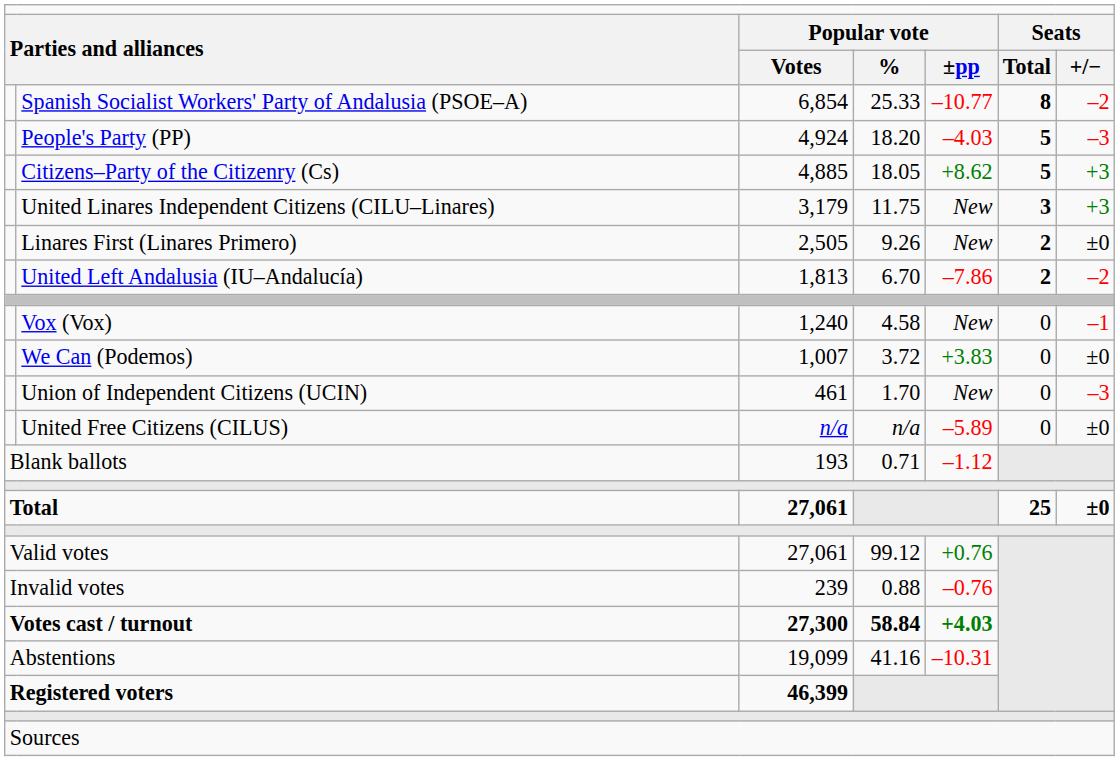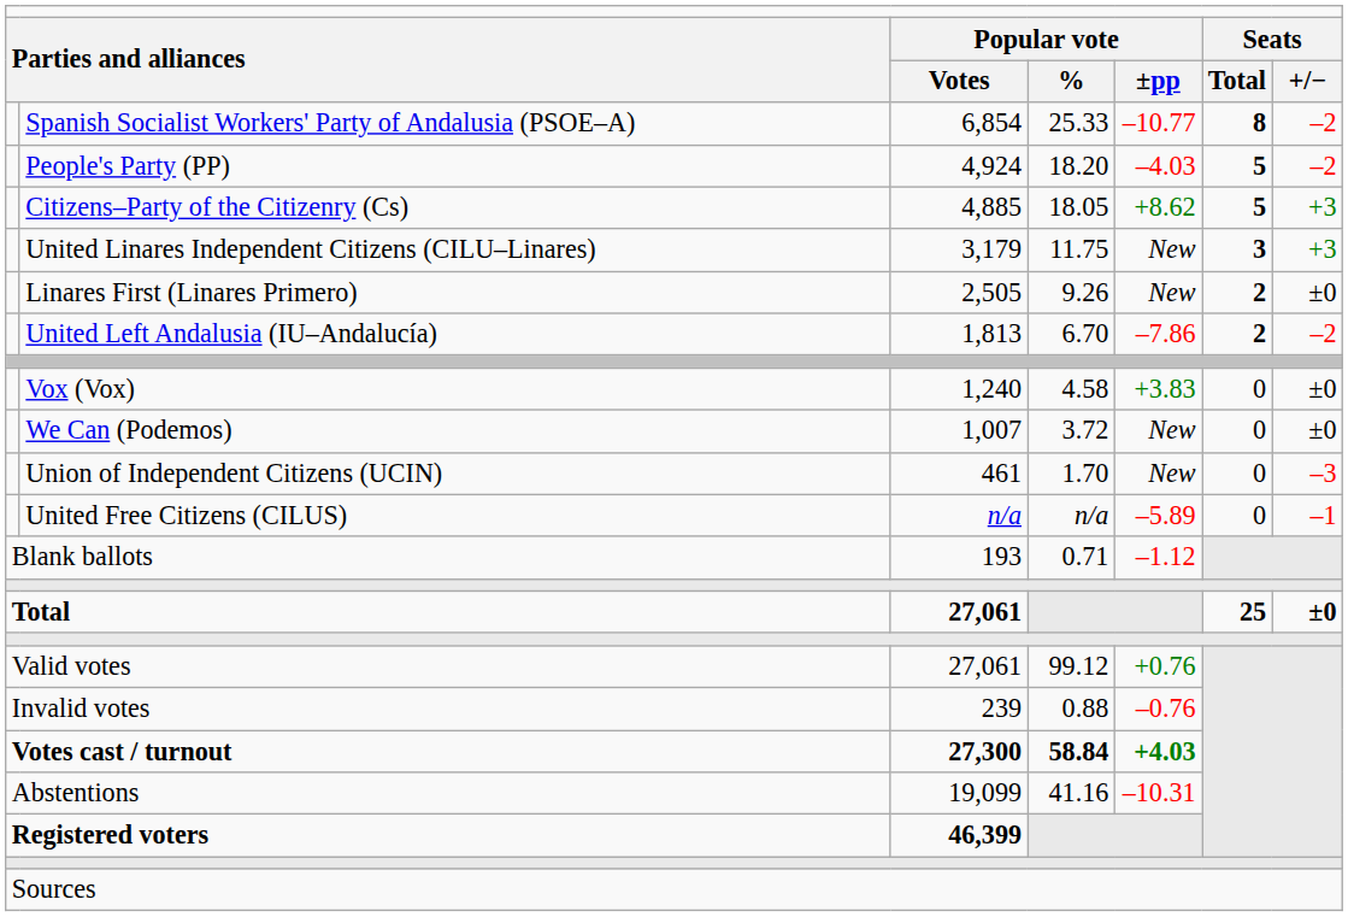 <table class="wikitable" style="text-align:right;">
 <tr>
 <td colspan="7"></td>
 </tr>
 <tr>
 <th style="text-align:left;" rowspan="2" colspan="2" width="525">Parties and alliances</th>
 <th colspan="3">Popular vote</th>
 <th colspan="2">Seats</th>
 </tr>
 <tr>
 <th width="75">Votes</th>
 <th width="45">%</th>
 <th width="45">±<a href='#'>pp</a></th>
 <th width="35">Total</th>
 <th width="35">+/−</th>
 </tr>
 <tr>
 <td width="1" style="color:inherit;background:"></td>
 <td align="left"><a href='#'>Spanish Socialist Workers' Party of Andalusia</a> (PSOE–A)</td>
 <td>6,854</td>
 <td>25.33</td>
 <td style="color:red;">–10.77</td>
 <td><strong>8</strong></td>
 <td style="color:red;">–2</td>
 </tr>
 <tr>
 <td style="color:inherit;background:"></td>
 <td align="left"><a href='#'>People's Party</a> (PP)</td>
 <td>4,924</td>
 <td>18.20</td>
 <td style="color:red;">–4.03</td>
 <td><strong>5</strong></td>
-<td style="color:red;">–3</td>
+<td style="color:red;">–2</td>
 </tr>
 <tr>
 <td style="color:inherit;background:"></td>
 <td align="left"><a href='#'>Citizens–Party of the Citizenry</a> (Cs)</td>
 <td>4,885</td>
 <td>18.05</td>
 <td style="color:green;">+8.62</td>
 <td><strong>5</strong></td>
 <td style="color:green;">+3</td>
 </tr>
 <tr>
 <td style="color:inherit;background:"></td>
 <td align="left">United Linares Independent Citizens (CILU–Linares)</td>
 <td>3,179</td>
 <td>11.75</td>
 <td><em>New</em></td>
 <td><strong>3</strong></td>
 <td style="color:green;">+3</td>
 </tr>
 <tr>
 <td style="color:inherit;background:"></td>
 <td align="left">Linares First (Linares Primero)</td>
 <td>2,505</td>
 <td>9.26</td>
 <td><em>New</em></td>
 <td><strong>2</strong></td>
 <td>±0</td>
 </tr>
 <tr>
 <td style="color:inherit;background:"></td>
 <td align="left"><a href='#'>United Left Andalusia</a> (IU–Andalucía)</td>
 <td>1,813</td>
 <td>6.70</td>
 <td style="color:red;">–7.86</td>
 <td><strong>2</strong></td>
 <td style="color:red;">–2</td>
 </tr>
 <tr>
 <td colspan="7" bgcolor="#C0C0C0"></td>
 </tr>
 <tr>
 <td style="color:inherit;background:"></td>
 <td align="left"><a href='#'>Vox</a> (Vox)</td>
 <td>1,240</td>
 <td>4.58</td>
-<td><em>New</em></td>
+<td style="color:green;">+3.83</td>
 <td>0</td>
-<td style="color:red;">–1</td>
+<td>±0</td>
 </tr>
 <tr>
 <td style="color:inherit;background:"></td>
 <td align="left"><a href='#'>We Can</a> (Podemos)</td>
 <td>1,007</td>
 <td>3.72</td>
-<td style="color:green;">+3.83</td>
+<td><em>New</em></td>
 <td>0</td>
 <td>±0</td>
 </tr>
 <tr>
 <td style="color:inherit;background:"></td>
 <td align="left">Union of Independent Citizens (UCIN)</td>
 <td>461</td>
 <td>1.70</td>
 <td><em>New</em></td>
 <td>0</td>
 <td style="color:red;">–3</td>
 </tr>
 <tr>
 <td style="color:inherit;background:"></td>
 <td align="left">United Free Citizens (CILUS)</td>
 <td><em><a href='#'>n/a</a></em></td>
 <td><em>n/a</em></td>
 <td style="color:red;">–5.89</td>
 <td>0</td>
-<td>±0</td>
+<td style="color:red;">–1</td>
 </tr>
 <tr>
 <td align="left" colspan="2">Blank ballots</td>
 <td>193</td>
 <td>0.71</td>
 <td style="color:red;">–1.12</td>
 <td bgcolor="#E9E9E9" colspan="2"></td>
 </tr>
 <tr>
 <td colspan="7" bgcolor="#E9E9E9"></td>
 </tr>
 <tr style="font-weight:bold;">
 <td align="left" colspan="2">Total</td>
 <td>27,061</td>
 <td bgcolor="#E9E9E9" colspan="2"></td>
 <td>25</td>
 <td>±0</td>
 </tr>
 <tr>
 <td colspan="7" bgcolor="#E9E9E9"></td>
 </tr>
 <tr>
 <td align="left" colspan="2">Valid votes</td>
 <td>27,061</td>
 <td>99.12</td>
 <td style="color:green;">+0.76</td>
 <td bgcolor="#E9E9E9" colspan="2" rowspan="5"></td>
 </tr>
 <tr>
 <td align="left" colspan="2">Invalid votes</td>
 <td>239</td>
 <td>0.88</td>
 <td style="color:red;">–0.76</td>
 </tr>
 <tr style="font-weight:bold;">
 <td align="left" colspan="2">Votes cast / turnout</td>
 <td>27,300</td>
 <td>58.84</td>
 <td style="color:green;">+4.03</td>
 </tr>
 <tr>
 <td align="left" colspan="2">Abstentions</td>
 <td>19,099</td>
 <td>41.16</td>
 <td style="color:red;">–10.31</td>
 </tr>
 <tr style="font-weight:bold;">
 <td align="left" colspan="2">Registered voters</td>
 <td>46,399</td>
 <td bgcolor="#E9E9E9" colspan="2"></td>
 </tr>
 <tr>
 <td colspan="7" bgcolor="#E9E9E9"></td>
 </tr>
 <tr>
 <td align="left" colspan="7">Sources</td>
 </tr>
 </table>
